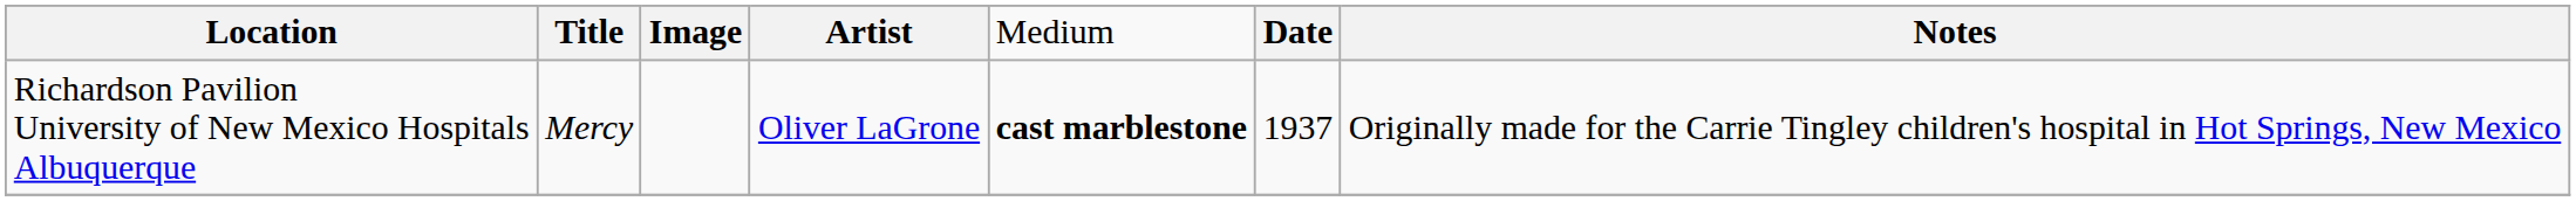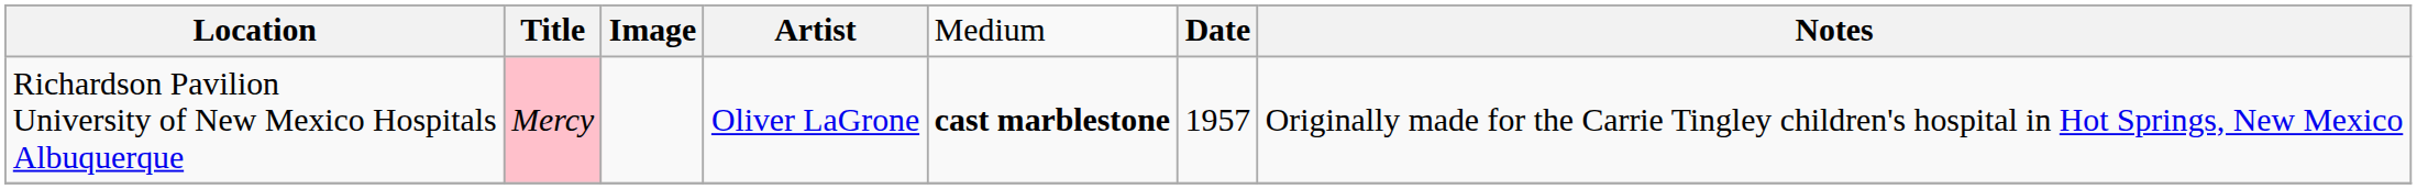 <table class="wikitable sortable">
 <tr>
 <th>Location</th>
 <th>Title</th>
 <th>Image</th>
 <th>Artist</th>
 <td>Medium</td>
 <th>Date</th>
 <th>Notes</th>
 </tr>
 <tr>
 <td>Richardson Pavilion<br>University of New Mexico Hospitals<br><a href='#'>Albuquerque</a></td>
-<td><em>Mercy</em></td>
+<td style="background: pink;"><em>Mercy</em></td>
 <td></td>
 <td><a href='#'>Oliver LaGrone</a></td>
 <td><strong>cast marblestone</strong></td>
-<td>1937</td>
+<td>1957</td>
 <td>Originally made for the Carrie Tingley children's hospital in <a href='#'>Hot Springs, New Mexico</a></td>
 </tr>
 <tr>
 </tr>
 </table>
